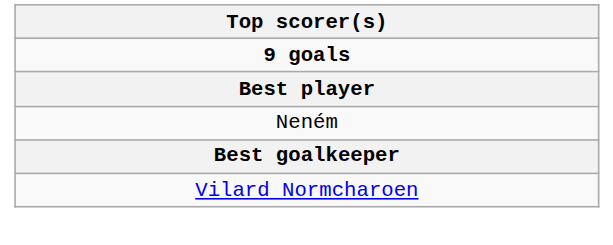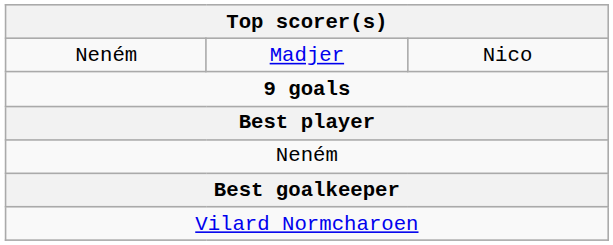 <table class="wikitable" style="margin: 1em auto 1em auto;">
 <tr>
 <th width=360 colspan=3>Top scorer(s)</th>
+</tr>
+<tr align=center style="background:">
+<td style="text-align:center;" width=120> Neném</td>
+<td style="text-align:center;" width=120> <a href='#'>Madjer</a></td>
+<td style="text-align:center;" width=120> Nico</td>
 </tr>
 <tr>
 <td style="text-align:center;" colspan=3><strong>9 goals</strong></td>
 </tr>
 <tr>
 <th colspan=3>Best player</th>
 </tr>
 <tr>
 <td style="text-align:center;" colspan=3> Neném</td>
 </tr>
 <tr>
 <th colspan=3>Best goalkeeper</th>
 </tr>
 <tr>
 <td style="text-align:center;" colspan=3> <a href='#'>Vilard Normcharoen</a></td>
 </tr>
 </table>
